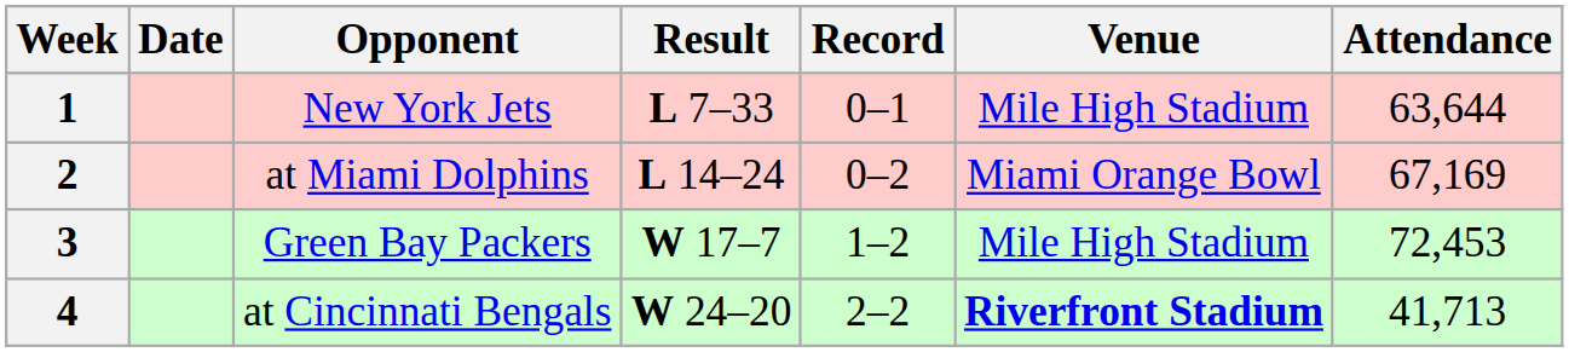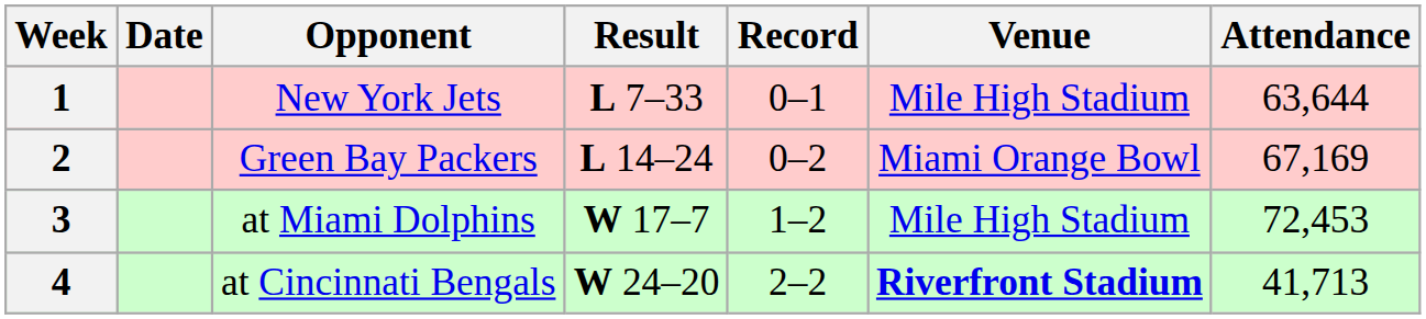 <table class="wikitable" style="text-align:center">
 <tr>
 <th>Week</th>
 <th>Date</th>
 <th>Opponent</th>
 <th>Result</th>
 <th>Record</th>
 <th>Venue</th>
 <th>Attendance</th>
 </tr>
 <tr style="background:#fcc">
 <th>1</th>
 <td></td>
 <td><a href='#'>New York Jets</a></td>
 <td><strong>L</strong> 7–33</td>
 <td>0–1</td>
 <td><a href='#'>Mile High Stadium</a></td>
 <td>63,644</td>
 </tr>
 <tr style="background:#fcc">
 <th>2</th>
 <td></td>
-<td>at <a href='#'>Miami Dolphins</a></td>
+<td><a href='#'>Green Bay Packers</a></td>
 <td><strong>L</strong> 14–24</td>
 <td>0–2</td>
 <td><a href='#'>Miami Orange Bowl</a></td>
 <td>67,169</td>
 </tr>
 <tr style="background:#cfc">
 <th>3</th>
 <td></td>
-<td><a href='#'>Green Bay Packers</a></td>
+<td>at <a href='#'>Miami Dolphins</a></td>
 <td><strong>W</strong> 17–7</td>
 <td>1–2</td>
 <td><a href='#'>Mile High Stadium</a></td>
 <td>72,453</td>
 </tr>
 <tr style="background:#cfc">
 <th>4</th>
 <td></td>
 <td>at <a href='#'>Cincinnati Bengals</a></td>
 <td><strong>W</strong> 24–20</td>
 <td>2–2</td>
 <td><strong><a href='#'>Riverfront Stadium</a></strong></td>
 <td>41,713</td>
 </tr>
 </table>
